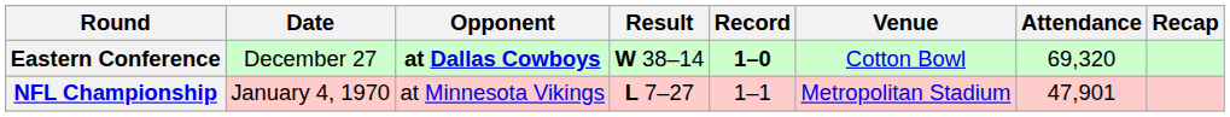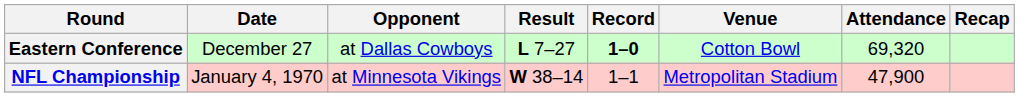 <table class="wikitable" style="text-align:center">
 <tr>
 <th>Round</th>
 <th>Date</th>
 <th>Opponent</th>
 <th>Result</th>
 <th>Record</th>
 <th>Venue</th>
 <th>Attendance</th>
 <th>Recap</th>
 </tr>
 <tr style="background:#cfc">
 <th>Eastern Conference</th>
 <td>December 27</td>
-<td><strong>at <a href='#'>Dallas Cowboys</a></strong></td>
-<td><strong>W</strong> 38–14</td>
+<td>at <a href='#'>Dallas Cowboys</a></td>
+<td><strong>L</strong> 7–27</td>
 <td><strong>1–0</strong></td>
 <td><a href='#'>Cotton Bowl</a></td>
 <td>69,320</td>
 <td></td>
 </tr>
 <tr style="background:#fcc">
 <th><a href='#'>NFL Championship</a></th>
 <td>January 4, 1970</td>
 <td>at <a href='#'>Minnesota Vikings</a></td>
-<td><strong>L</strong> 7–27</td>
+<td><strong>W</strong> 38–14</td>
 <td>1–1</td>
 <td><a href='#'>Metropolitan Stadium</a></td>
-<td>47,901</td>
+<td>47,900</td>
 <td></td>
 </tr>
 </table>
